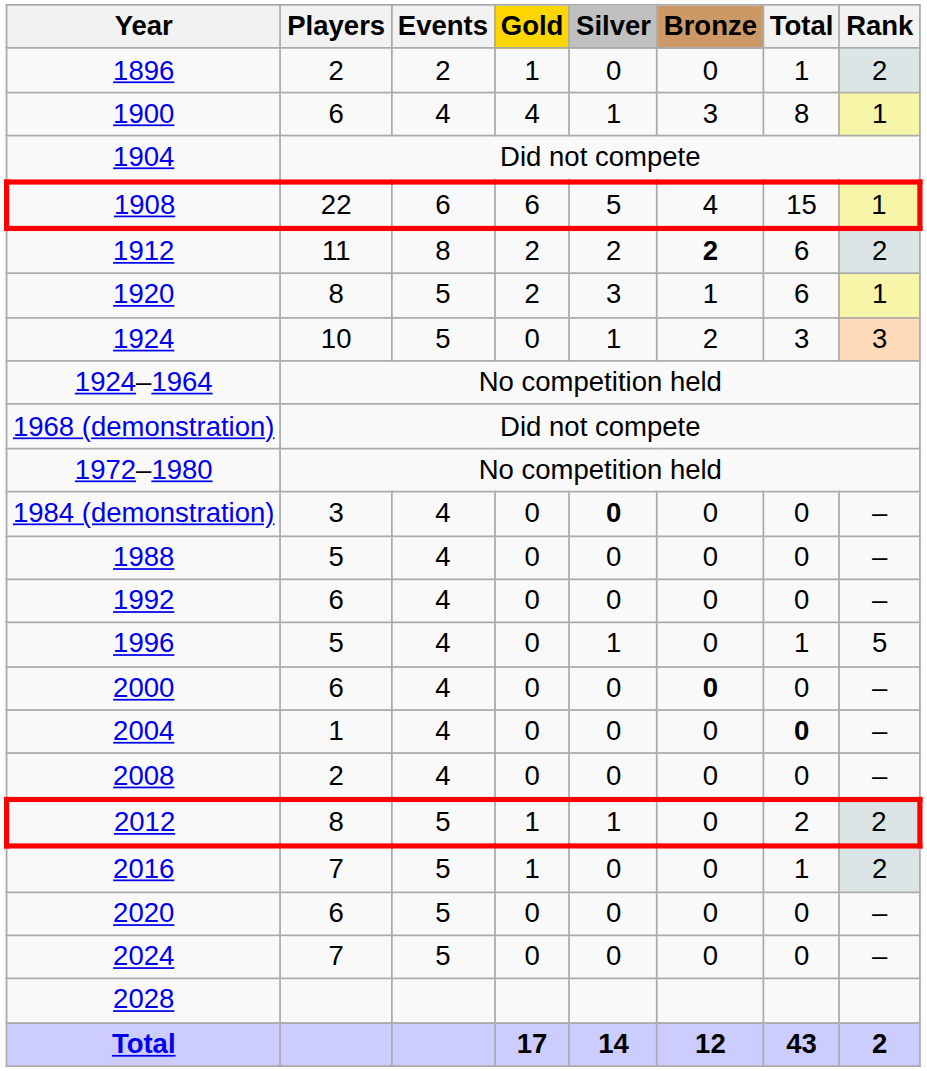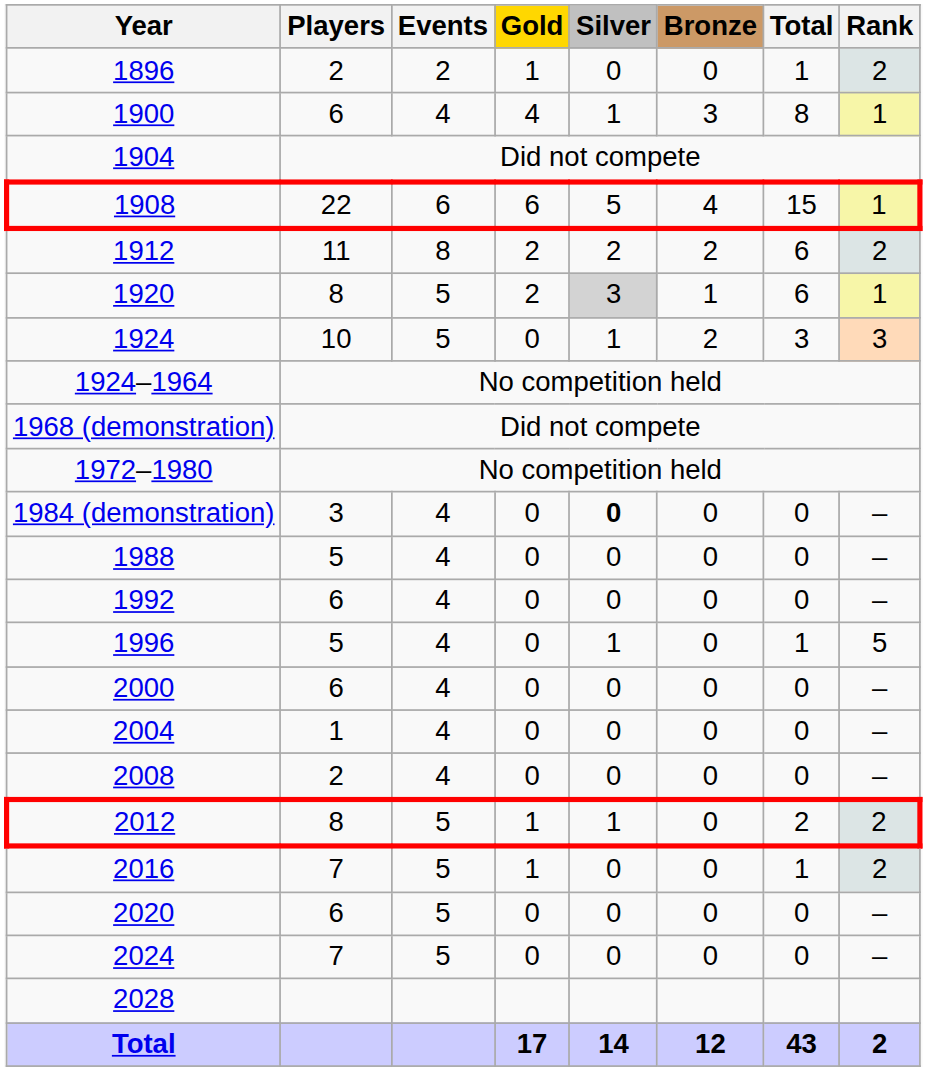 <table class="wikitable sortable collapsible collapsed">
 <tr>
 <th>Year</th>
 <th>Players</th>
 <th>Events</th>
 <th style="text-align:center; background-color:gold;"><strong>Gold</strong></th>
 <th style="text-align:center; background-color:silver;"><strong>Silver</strong></th>
 <th style="text-align:center; background-color:#c96;"><strong>Bronze</strong></th>
 <th>Total</th>
 <th>Rank</th>
 </tr>
 <tr style="text-align:center">
 <td><a href='#'>1896</a></td>
 <td>2</td>
 <td>2</td>
 <td>1</td>
 <td>0</td>
 <td>0</td>
 <td>1</td>
 <td style="background-color:#dce5e5">2</td>
 </tr>
 <tr style="text-align:center">
 <td><a href='#'>1900</a></td>
 <td>6</td>
 <td>4</td>
 <td>4</td>
 <td>1</td>
 <td>3</td>
 <td>8</td>
 <td style="background-color:#F7F6A8">1</td>
 </tr>
 <tr style="text-align:center">
 <td><a href='#'>1904</a></td>
 <td colspan=7>Did not compete</td>
 </tr>
 <tr style="text-align:center;border: 3px solid red">
 <td><a href='#'>1908</a></td>
 <td>22</td>
 <td>6</td>
 <td>6</td>
 <td>5</td>
 <td>4</td>
 <td>15</td>
 <td style="background-color:#F7F6A8">1</td>
 </tr>
 <tr style="text-align:center">
 <td><a href='#'>1912</a></td>
 <td>11</td>
 <td>8</td>
 <td>2</td>
 <td>2</td>
-<td><strong>2</strong></td>
+<td>2</td>
 <td>6</td>
 <td style="background-color:#dce5e5">2</td>
 </tr>
 <tr style="text-align:center">
 <td><a href='#'>1920</a></td>
 <td>8</td>
 <td>5</td>
 <td>2</td>
-<td>3</td>
+<td style="background: lightgrey;">3</td>
 <td>1</td>
 <td>6</td>
 <td style="background-color:#F7F6A8">1</td>
 </tr>
 <tr style="text-align:center">
 <td><a href='#'>1924</a></td>
 <td>10</td>
 <td>5</td>
 <td>0</td>
 <td>1</td>
 <td>2</td>
 <td>3</td>
 <td style="background-color:#ffdab9">3</td>
 </tr>
 <tr style="text-align:center">
 <td><a href='#'>1924</a>–<a href='#'>1964</a></td>
 <td colspan=7>No competition held</td>
 </tr>
 <tr style="text-align:center">
 <td><a href='#'>1968 (demonstration)</a></td>
 <td colspan=7>Did not compete</td>
 </tr>
 <tr style="text-align:center">
 <td><a href='#'>1972</a>–<a href='#'>1980</a></td>
 <td colspan=7>No competition held</td>
 </tr>
 <tr style="text-align:center">
 <td><a href='#'>1984 (demonstration)</a></td>
 <td>3</td>
 <td>4</td>
 <td>0</td>
 <td><strong>0</strong></td>
 <td>0</td>
 <td>0</td>
 <td>–</td>
 </tr>
 <tr style="text-align:center">
 <td><a href='#'>1988</a></td>
 <td>5</td>
 <td>4</td>
 <td>0</td>
 <td>0</td>
 <td>0</td>
 <td>0</td>
 <td>–</td>
 </tr>
 <tr style="text-align:center">
 <td><a href='#'>1992</a></td>
 <td>6</td>
 <td>4</td>
 <td>0</td>
 <td>0</td>
 <td>0</td>
 <td>0</td>
 <td>–</td>
 </tr>
 <tr style="text-align:center">
 <td><a href='#'>1996</a></td>
 <td>5</td>
 <td>4</td>
 <td>0</td>
 <td>1</td>
 <td>0</td>
 <td>1</td>
 <td>5</td>
 </tr>
 <tr style="text-align:center">
 <td><a href='#'>2000</a></td>
 <td>6</td>
 <td>4</td>
 <td>0</td>
 <td>0</td>
-<td><strong>0</strong></td>
+<td>0</td>
 <td>0</td>
 <td>–</td>
 </tr>
 <tr style="text-align:center">
 <td><a href='#'>2004</a></td>
 <td>1</td>
 <td>4</td>
 <td>0</td>
 <td>0</td>
 <td>0</td>
-<td><strong>0</strong></td>
+<td>0</td>
 <td>–</td>
 </tr>
 <tr style="text-align:center">
 <td><a href='#'>2008</a></td>
 <td>2</td>
 <td>4</td>
 <td>0</td>
 <td>0</td>
 <td>0</td>
 <td>0</td>
 <td>–</td>
 </tr>
 <tr style="text-align:center;border: 3px solid red">
 <td><a href='#'>2012</a></td>
 <td>8</td>
 <td>5</td>
 <td>1</td>
 <td>1</td>
 <td>0</td>
 <td>2</td>
 <td style="background-color:#dce5e5">2</td>
 </tr>
 <tr style="text-align:center">
 <td><a href='#'>2016</a></td>
 <td>7</td>
 <td>5</td>
 <td>1</td>
 <td>0</td>
 <td>0</td>
 <td>1</td>
 <td style="background-color:#dce5e5">2</td>
 </tr>
 <tr style="text-align:center">
 <td><a href='#'>2020</a></td>
 <td>6</td>
 <td>5</td>
 <td>0</td>
 <td>0</td>
 <td>0</td>
 <td>0</td>
 <td>–</td>
 </tr>
 <tr style="text-align:center">
 <td><a href='#'>2024</a></td>
 <td>7</td>
 <td>5</td>
 <td>0</td>
 <td>0</td>
 <td>0</td>
 <td>0</td>
 <td>–</td>
 </tr>
 <tr style="text-align:center">
 <td><a href='#'>2028</a></td>
 <td></td>
 <td></td>
 <td></td>
 <td></td>
 <td></td>
 <td></td>
 <td></td>
 </tr>
 <tr style="text-align:center; background-color:#ccf;">
 <td><strong><a href='#'>Total</a></strong></td>
 <td></td>
 <td></td>
 <td><strong>17</strong></td>
 <td><strong>14</strong></td>
 <td><strong>12</strong></td>
 <td><strong>43</strong></td>
 <td><strong>2</strong></td>
 </tr>
 </table>
